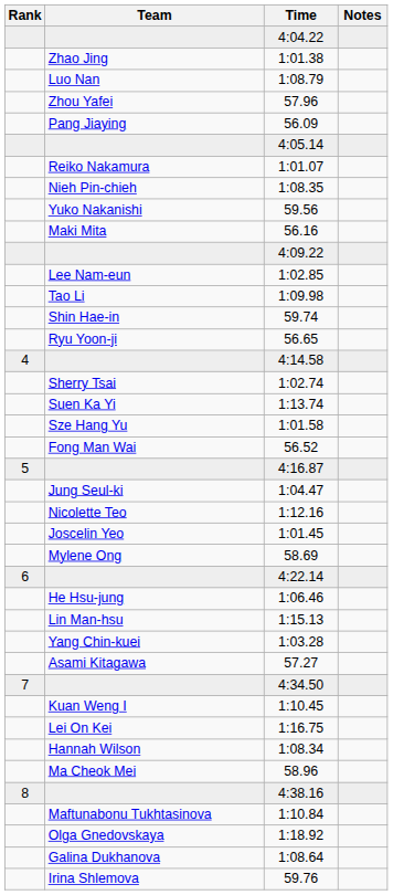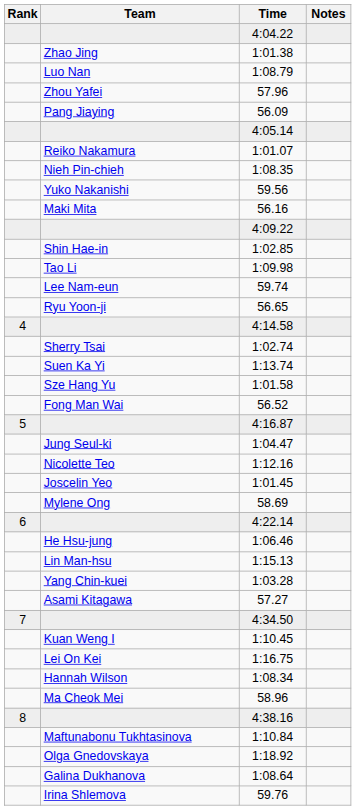 <table class="wikitable" style="text-align:center">
 <tr>
 <th width=40>Rank</th>
 <th width=250>Team</th>
 <th width=80>Time</th>
 <th width=50>Notes</th>
 </tr>
 <tr bgcolor=eeeeee>
 <td></td>
 <td align=left></td>
 <td>4:04.22</td>
 <td></td>
 </tr>
 <tr>
 <td></td>
 <td align=left><a href='#'>Zhao Jing</a></td>
 <td>1:01.38</td>
 <td></td>
 </tr>
 <tr>
 <td></td>
 <td align=left><a href='#'>Luo Nan</a></td>
 <td>1:08.79</td>
 <td></td>
 </tr>
 <tr>
 <td></td>
 <td align=left><a href='#'>Zhou Yafei</a></td>
 <td>57.96</td>
 <td></td>
 </tr>
 <tr>
 <td></td>
 <td align=left><a href='#'>Pang Jiaying</a></td>
 <td>56.09</td>
 <td></td>
 </tr>
 <tr bgcolor=eeeeee>
 <td></td>
 <td align=left></td>
 <td>4:05.14</td>
 <td></td>
 </tr>
 <tr>
 <td></td>
 <td align=left><a href='#'>Reiko Nakamura</a></td>
 <td>1:01.07</td>
 <td></td>
 </tr>
 <tr>
 <td></td>
 <td align=left><a href='#'>Nieh Pin-chieh</a></td>
 <td>1:08.35</td>
 <td></td>
 </tr>
 <tr>
 <td></td>
 <td align=left><a href='#'>Yuko Nakanishi</a></td>
 <td>59.56</td>
 <td></td>
 </tr>
 <tr>
 <td></td>
 <td align=left><a href='#'>Maki Mita</a></td>
 <td>56.16</td>
 <td></td>
 </tr>
 <tr bgcolor=eeeeee>
 <td></td>
 <td align=left></td>
 <td>4:09.22</td>
 <td></td>
 </tr>
 <tr>
 <td></td>
-<td align=left><a href='#'>Lee Nam-eun</a></td>
+<td align=left><a href='#'>Shin Hae-in</a></td>
 <td>1:02.85</td>
 <td></td>
 </tr>
 <tr>
 <td></td>
 <td align=left><a href='#'>Tao Li</a></td>
 <td>1:09.98</td>
 <td></td>
 </tr>
 <tr>
 <td></td>
-<td align=left><a href='#'>Shin Hae-in</a></td>
+<td align=left><a href='#'>Lee Nam-eun</a></td>
 <td>59.74</td>
 <td></td>
 </tr>
 <tr>
 <td></td>
 <td align=left><a href='#'>Ryu Yoon-ji</a></td>
 <td>56.65</td>
 <td></td>
 </tr>
 <tr bgcolor=eeeeee>
 <td>4</td>
 <td align=left></td>
 <td>4:14.58</td>
 <td></td>
 </tr>
 <tr>
 <td></td>
 <td align=left><a href='#'>Sherry Tsai</a></td>
 <td>1:02.74</td>
 <td></td>
 </tr>
 <tr>
 <td></td>
 <td align=left><a href='#'>Suen Ka Yi</a></td>
 <td>1:13.74</td>
 <td></td>
 </tr>
 <tr>
 <td></td>
 <td align=left><a href='#'>Sze Hang Yu</a></td>
 <td>1:01.58</td>
 <td></td>
 </tr>
 <tr>
 <td></td>
 <td align=left><a href='#'>Fong Man Wai</a></td>
 <td>56.52</td>
 <td></td>
 </tr>
 <tr bgcolor=eeeeee>
 <td>5</td>
 <td align=left></td>
 <td>4:16.87</td>
 <td></td>
 </tr>
 <tr>
 <td></td>
 <td align=left><a href='#'>Jung Seul-ki</a></td>
 <td>1:04.47</td>
 <td></td>
 </tr>
 <tr>
 <td></td>
 <td align=left><a href='#'>Nicolette Teo</a></td>
 <td>1:12.16</td>
 <td></td>
 </tr>
 <tr>
 <td></td>
 <td align=left><a href='#'>Joscelin Yeo</a></td>
 <td>1:01.45</td>
 <td></td>
 </tr>
 <tr>
 <td></td>
 <td align=left><a href='#'>Mylene Ong</a></td>
 <td>58.69</td>
 <td></td>
 </tr>
 <tr bgcolor=eeeeee>
 <td>6</td>
 <td align=left></td>
 <td>4:22.14</td>
 <td></td>
 </tr>
 <tr>
 <td></td>
 <td align=left><a href='#'>He Hsu-jung</a></td>
 <td>1:06.46</td>
 <td></td>
 </tr>
 <tr>
 <td></td>
 <td align=left><a href='#'>Lin Man-hsu</a></td>
 <td>1:15.13</td>
 <td></td>
 </tr>
 <tr>
 <td></td>
 <td align=left><a href='#'>Yang Chin-kuei</a></td>
 <td>1:03.28</td>
 <td></td>
 </tr>
 <tr>
 <td></td>
 <td align=left><a href='#'>Asami Kitagawa</a></td>
 <td>57.27</td>
 <td></td>
 </tr>
 <tr bgcolor=eeeeee>
 <td>7</td>
 <td align=left></td>
 <td>4:34.50</td>
 <td></td>
 </tr>
 <tr>
 <td></td>
 <td align=left><a href='#'>Kuan Weng I</a></td>
 <td>1:10.45</td>
 <td></td>
 </tr>
 <tr>
 <td></td>
 <td align=left><a href='#'>Lei On Kei</a></td>
 <td>1:16.75</td>
 <td></td>
 </tr>
 <tr>
 <td></td>
 <td align=left><a href='#'>Hannah Wilson</a></td>
 <td>1:08.34</td>
 <td></td>
 </tr>
 <tr>
 <td></td>
 <td align=left><a href='#'>Ma Cheok Mei</a></td>
 <td>58.96</td>
 <td></td>
 </tr>
 <tr bgcolor=eeeeee>
 <td>8</td>
 <td align=left></td>
 <td>4:38.16</td>
 <td></td>
 </tr>
 <tr>
 <td></td>
 <td align=left><a href='#'>Maftunabonu Tukhtasinova</a></td>
 <td>1:10.84</td>
 <td></td>
 </tr>
 <tr>
 <td></td>
 <td align=left><a href='#'>Olga Gnedovskaya</a></td>
 <td>1:18.92</td>
 <td></td>
 </tr>
 <tr>
 <td></td>
 <td align=left><a href='#'>Galina Dukhanova</a></td>
 <td>1:08.64</td>
 <td></td>
 </tr>
 <tr>
 <td></td>
 <td align=left><a href='#'>Irina Shlemova</a></td>
 <td>59.76</td>
 <td></td>
 </tr>
 </table>
